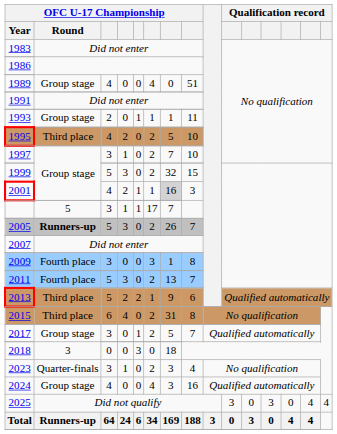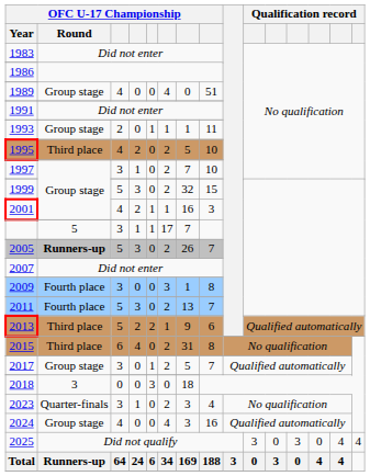 <table class="wikitable" style="text-align: center;">
 <tr>
 <th colspan=8><a href='#'>OFC U-17 Championship</a></th>
 <th rowspan=30></th>
 <th colspan=6>Qualification record</th>
 </tr>
 <tr>
 <th>Year</th>
 <th>Round</th>
 <th></th>
 <th></th>
 <th></th>
 <th></th>
 <th></th>
 <th></th>
 <th></th>
 <th></th>
 <th></th>
 <th></th>
 <th></th>
 <th></th>
 </tr>
 <tr bgcolor=>
 <td> <a href='#'>1983</a></td>
 <td colspan=7 rowspan=2><em>Did not enter</em></td>
 <td colspan=6 rowspan=14><em>No qualification</em></td>
 </tr>
 <tr>
 </tr>
 <tr bgcolor=>
 <td> <a href='#'>1986</a></td>
 </tr>
 <tr>
 </tr>
 <tr bgcolor=>
 <td> <a href='#'>1989</a></td>
 <td>Group stage</td>
 <td>4</td>
 <td>0</td>
 <td>0</td>
 <td>4</td>
 <td>0</td>
 <td>51</td>
 </tr>
 <tr>
 </tr>
 <tr bgcolor=>
 <td> <a href='#'>1991</a></td>
 <td colspan=7><em>Did not enter</em></td>
 </tr>
 <tr>
 </tr>
 <tr bgcolor=>
 <td> <a href='#'>1993</a></td>
 <td>Group stage</td>
 <td>2</td>
 <td>0</td>
 <td>1</td>
 <td>1</td>
 <td>1</td>
 <td>11</td>
 </tr>
 <tr>
 </tr>
 <tr bgcolor=cc9966>
 <td style="border: 3px solid red"> <a href='#'>1995</a></td>
 <td>Third place</td>
 <td>4</td>
 <td>2</td>
 <td>0</td>
 <td>2</td>
 <td>5</td>
 <td>10</td>
 </tr>
 <tr>
 </tr>
 <tr bgcolor=>
 <td> <a href='#'>1997</a></td>
 <td rowspan=4>Group stage</td>
 <td>3</td>
 <td>1</td>
 <td>0</td>
 <td>2</td>
 <td>7</td>
 <td>10</td>
 </tr>
 <tr>
 </tr>
 <tr bgcolor=>
 <td> <a href='#'>1999</a></td>
 <td>5</td>
 <td>3</td>
 <td>0</td>
 <td>2</td>
 <td>32</td>
 <td>15</td>
 </tr>
 <tr>
 <td style="border: 3px solid red">  <a href='#'>2001</a></td>
 <td>4</td>
 <td>2</td>
 <td>1</td>
 <td>1</td>
-<td style="background: lightgrey;">16</td>
+<td>16</td>
 <td>3</td>
 </tr>
 <tr>
 </tr>
 <tr bgcolor=>
 <td></td>
 <td>5</td>
 <td>3</td>
 <td>1</td>
 <td>1</td>
 <td>17</td>
 <td>7</td>
 </tr>
 <tr>
 </tr>
 <tr bgcolor=Silver>
 <td> <a href='#'>2005</a></td>
 <td><strong>Runners-up</strong></td>
 <td>5</td>
 <td>3</td>
 <td>0</td>
 <td>2</td>
 <td>26</td>
 <td>7</td>
 </tr>
 <tr>
 </tr>
 <tr bgcolor=>
 <td> <a href='#'>2007</a></td>
 <td colspan=7><em>Did not enter</em></td>
 </tr>
 <tr>
 </tr>
 <tr bgcolor=#9acdff>
 <td> <a href='#'>2009</a></td>
 <td>Fourth place</td>
 <td>3</td>
 <td>0</td>
 <td>0</td>
 <td>3</td>
 <td>1</td>
 <td>8</td>
 </tr>
 <tr>
 </tr>
 <tr bgcolor=#9acdff>
 <td> <a href='#'>2011</a></td>
 <td>Fourth place</td>
 <td>5</td>
 <td>3</td>
 <td>0</td>
 <td>2</td>
 <td>13</td>
 <td>7</td>
 </tr>
 <tr>
 </tr>
 <tr bgcolor=cc9966>
 <td style="border: 3px solid red">  <a href='#'>2013</a></td>
 <td>Third place</td>
 <td>5</td>
 <td>2</td>
 <td>2</td>
 <td>1</td>
 <td>9</td>
 <td>6</td>
 <td colspan=6><em>Qualified automatically</em></td>
 </tr>
 <tr>
 </tr>
 <tr bgcolor=cc9966>
 <td>  <a href='#'>2015</a></td>
 <td>Third place</td>
 <td>6</td>
 <td>4</td>
 <td>0</td>
 <td>2</td>
 <td>31</td>
 <td>8</td>
 <td colspan=6><em>No qualification</em></td>
 </tr>
 <tr>
 </tr>
 <tr bgcolor=>
 <td>  <a href='#'>2017</a></td>
 <td rowspan=2>Group stage</td>
 <td>3</td>
 <td>0</td>
 <td>1</td>
 <td>2</td>
 <td>5</td>
 <td>7</td>
 <td colspan=6 rowspan=2><em>Qualified automatically</em></td>
 </tr>
 <tr>
 </tr>
 <tr bgcolor=>
 <td>  <a href='#'>2018</a></td>
 <td>3</td>
 <td>0</td>
 <td>0</td>
 <td>3</td>
 <td>0</td>
 <td>18</td>
 </tr>
 <tr bgcolor=>
 <td> <a href='#'>2023</a></td>
 <td>Quarter-finals</td>
 <td>3</td>
 <td>1</td>
 <td>0</td>
 <td>2</td>
 <td>3</td>
 <td>4</td>
 <td colspan=6><em>No qualification</em></td>
 </tr>
 <tr>
 <td>  <a href='#'>2024</a></td>
 <td>Group stage</td>
 <td>4</td>
 <td>0</td>
 <td>0</td>
 <td>4</td>
 <td>3</td>
 <td>16</td>
 <td colspan=6><em>Qualified automatically</em></td>
 </tr>
 <tr>
 <td>  <a href='#'>2025</a></td>
 <td colspan=8><em>Did not qualify</em></td>
 <td>3</td>
 <td>0</td>
 <td>3</td>
 <td>0</td>
 <td>4</td>
 <td>4</td>
 </tr>
 <tr>
 <th>Total</th>
 <th>Runners-up</th>
 <th>64</th>
 <th>24</th>
 <th>6</th>
 <th>34</th>
 <th>169</th>
 <th>188</th>
 <th>3</th>
 <th>0</th>
 <th>3</th>
 <th>0</th>
 <th>4</th>
 <th>4</th>
 </tr>
 <tr>
 </tr>
 </table>
